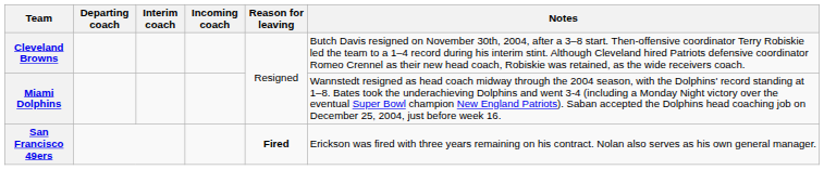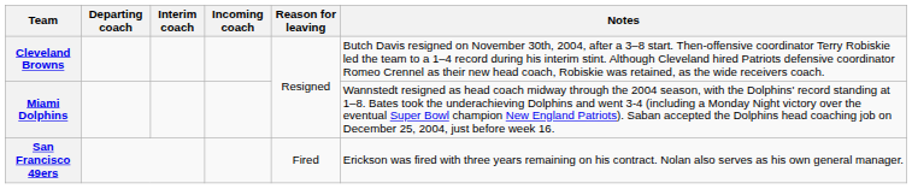 <table class="wikitable sortable plainrowheaders">
 <tr>
 <th scope="col">Team</th>
 <th scope="col">Departing coach</th>
 <th scope="col">Interim coach</th>
 <th scope="col">Incoming coach</th>
 <th scope="col" class="unsortable">Reason for leaving</th>
 <th scope="col" class="unsortable">Notes</th>
 </tr>
 <tr>
 <th scope="row" style="text-align:center;"><a href='#'>Cleveland Browns</a></th>
 <td style="text-align:center;"></td>
 <td style="text-align:center;"></td>
 <td style="text-align:center;"></td>
 <td style="text-align:center;" rowspan="2">Resigned</td>
 <td>Butch Davis resigned on November 30th, 2004, after a 3–8 start. Then-offensive coordinator Terry Robiskie led the team to a 1–4 record during his interim stint. Although Cleveland hired Patriots defensive coordinator Romeo Crennel as their new head coach, Robiskie was retained, as the wide receivers coach.</td>
 </tr>
 <tr>
 <th scope="row" style="text-align:center;"><a href='#'>Miami Dolphins</a></th>
 <td style="text-align:center;"></td>
 <td style="text-align:center;"></td>
 <td style="text-align:center;"></td>
 <td>Wannstedt resigned as head coach midway through the 2004 season, with the Dolphins' record standing at 1–8. Bates took the underachieving Dolphins and went 3-4 (including a Monday Night victory over the eventual <a href='#'>Super Bowl</a> champion <a href='#'>New England Patriots</a>). Saban accepted the Dolphins head coaching job on December 25, 2004, just before week 16.</td>
 </tr>
 <tr>
 <th scope="row" style="text-align:center;"><a href='#'>San Francisco 49ers</a></th>
 <td style="text-align:center;" colspan="2"></td>
 <td style="text-align:center;"></td>
-<td style="text-align:center;"><strong>Fired</strong></td>
+<td style="text-align:center;">Fired</td>
 <td>Erickson was fired with three years remaining on his contract. Nolan also serves as his own general manager.</td>
 </tr>
 </table>
